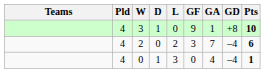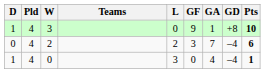 <table class="wikitable" style="text-align: center;">
 <tr>
-<th width=165>Teams</th>
+<th width=20>D</th>
 <th width=20>Pld</th>
 <th width=20>W</th>
-<th width=20>D</th>
+<th width=165>Teams</th>
 <th width=20>L</th>
 <th width=20>GF</th>
 <th width=20>GA</th>
 <th width=20>GD</th>
 <th width=20>Pts</th>
 </tr>
 <tr align=center style="background:#ccffcc;">
-<td style="text-align:left;"></td>
+<td>1</td>
 <td>4</td>
 <td>3</td>
-<td>1</td>
+<td style="text-align:left;"></td>
 <td>0</td>
 <td>9</td>
 <td>1</td>
 <td>+8</td>
 <td><strong>10</strong></td>
 </tr>
 <tr align=center>
-<td style="text-align:left;"></td>
+<td>0</td>
 <td>4</td>
 <td>2</td>
-<td>0</td>
+<td style="text-align:left;"></td>
 <td>2</td>
 <td>3</td>
 <td>7</td>
 <td>–4</td>
 <td><strong>6</strong></td>
 </tr>
 <tr align=center>
-<td style="text-align:left;"></td>
+<td>1</td>
 <td>4</td>
 <td>0</td>
-<td>1</td>
+<td style="text-align:left;"></td>
 <td>3</td>
 <td>0</td>
 <td>4</td>
 <td>–4</td>
 <td><strong>1</strong></td>
 </tr>
 </table>
